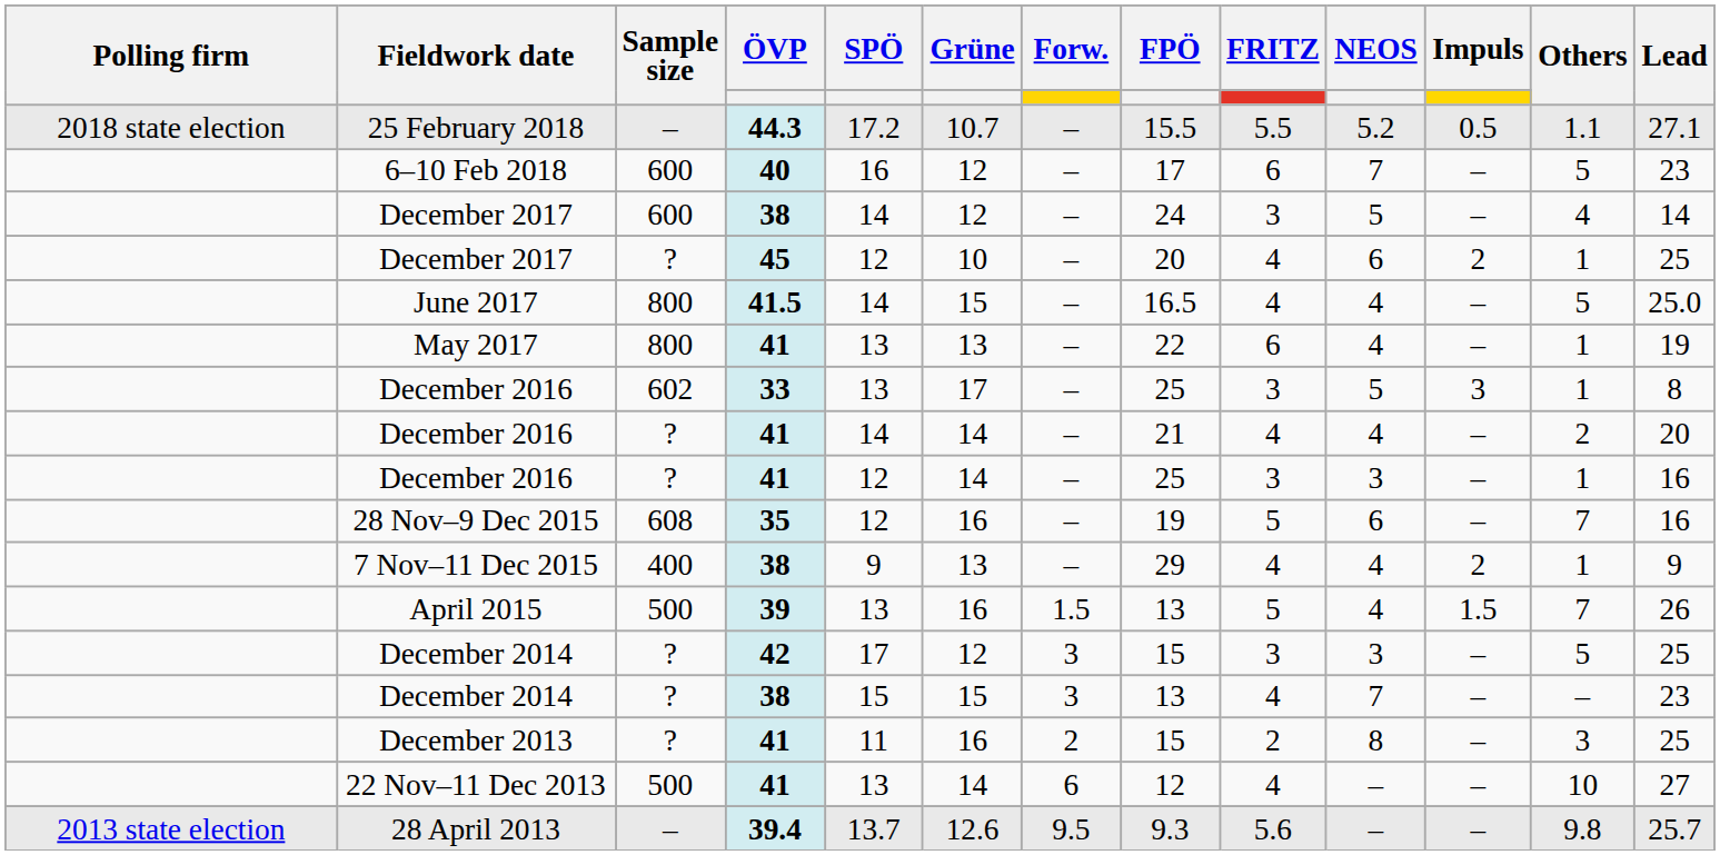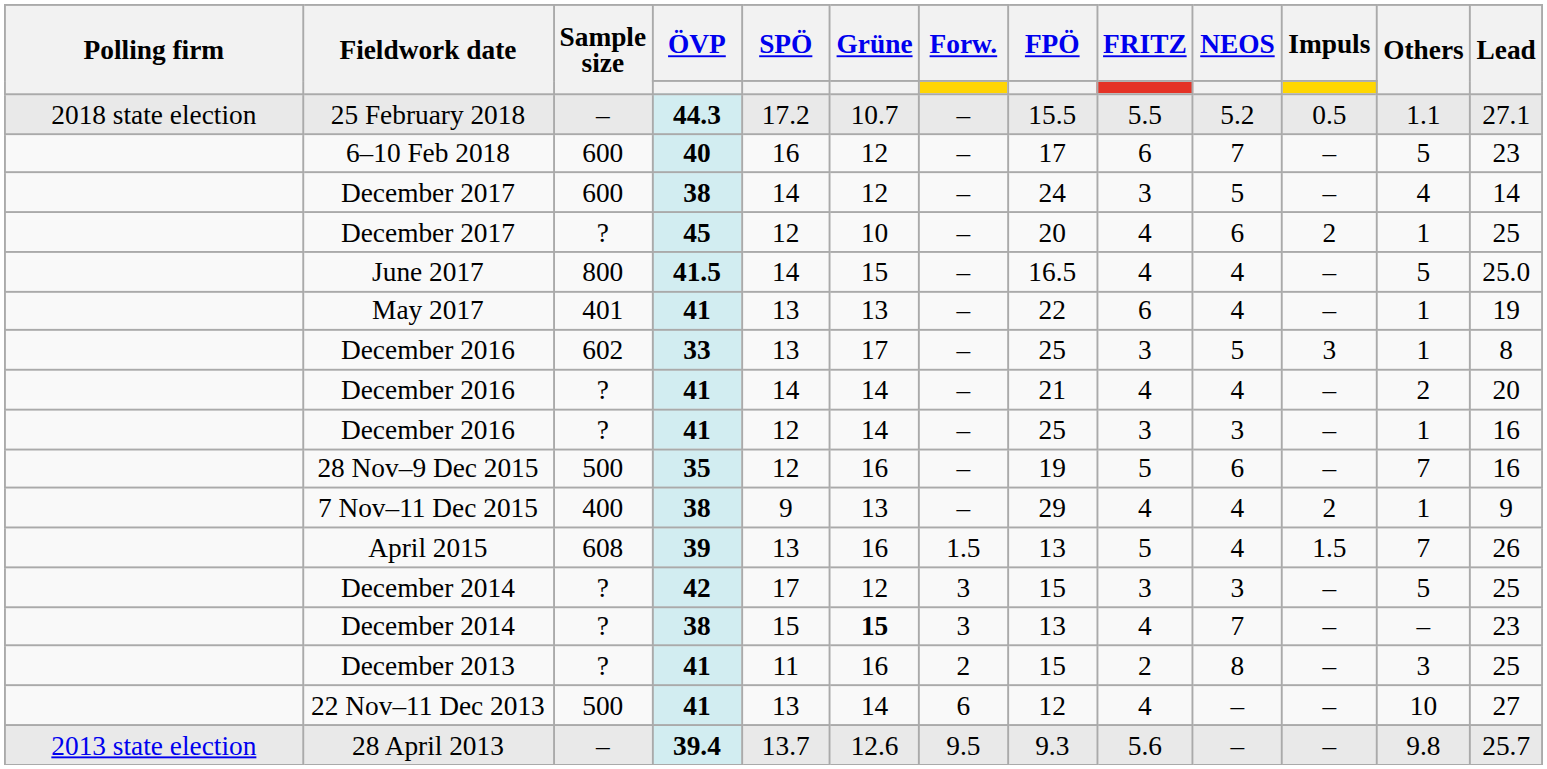 <table class="wikitable sortable" style="text-align:center;font-size:90%;line-height:14px;">
 <tr style="height:40px;">
 <th style="width:150px;" rowspan="2">Polling firm</th>
 <th style="width:125px;" rowspan="2">Fieldwork date</th>
 <th style="width:35px;" rowspan="2">Sample<br>size</th>
 <th class="unsortable" style="width:40px;"><a href='#'>ÖVP</a></th>
 <th class="unsortable" style="width:40px;"><a href='#'>SPÖ</a></th>
 <th class="unsortable" style="width:40px;"><a href='#'>Grüne</a></th>
 <th class="unsortable" style="width:40px;"><a href='#'>Forw.</a></th>
 <th class="unsortable" style="width:40px;"><a href='#'>FPÖ</a></th>
 <th class="unsortable" style="width:40px;"><a href='#'>FRITZ</a></th>
 <th class="unsortable" style="width:40px;"><a href='#'>NEOS</a></th>
 <th class="unsortable" style="width:40px;">Impuls</th>
 <th class="unsortable" style="width:40px;" rowspan="2">Others</th>
 <th style="width:30px;" rowspan="2">Lead</th>
 </tr>
 <tr>
 <th style="background:"></th>
 <th style="background:"></th>
 <th style="background:"></th>
 <th style="background:#FFD504;"></th>
 <th style="background:"></th>
 <th style="background:#E43226;"></th>
 <th style="background:"></th>
 <th style="background:gold;"></th>
 </tr>
 <tr style="background:#E9E9E9;">
 <td>2018 state election</td>
 <td data-sort-value="2018-02-25">25 February 2018</td>
 <td>–</td>
 <td style="background:#D2EDF1;"><strong>44.3</strong></td>
 <td>17.2</td>
 <td>10.7</td>
 <td>–</td>
 <td>15.5</td>
 <td>5.5</td>
 <td>5.2</td>
 <td>0.5</td>
 <td>1.1</td>
 <td style="background:">27.1</td>
 </tr>
 <tr>
 <td></td>
 <td data-sort-value="2018-02-18">6–10 Feb 2018</td>
 <td>600</td>
 <td style="background:#D2EDF1;"><strong>40</strong></td>
 <td>16</td>
 <td>12</td>
 <td>–</td>
 <td>17</td>
 <td>6</td>
 <td>7</td>
 <td>–</td>
 <td>5</td>
 <td style="background:">23</td>
 </tr>
 <tr>
 <td></td>
 <td data-sort-value="2017-12-28">December 2017</td>
 <td>600</td>
 <td style="background:#D2EDF1;"><strong>38</strong></td>
 <td>14</td>
 <td>12</td>
 <td>–</td>
 <td>24</td>
 <td>3</td>
 <td>5</td>
 <td>–</td>
 <td>4</td>
 <td style="background:">14</td>
 </tr>
 <tr>
 <td></td>
 <td data-sort-value="2017-12-16">December 2017</td>
 <td>?</td>
 <td style="background:#D2EDF1;"><strong>45</strong></td>
 <td>12</td>
 <td>10</td>
 <td>–</td>
 <td>20</td>
 <td>4</td>
 <td>6</td>
 <td>2</td>
 <td>1</td>
 <td style="background:">25</td>
 </tr>
 <tr>
 <td></td>
 <td data-sort-value="2017-07-31">June 2017</td>
 <td>800</td>
 <td style="background:#D2EDF1;"><strong>41.5</strong></td>
 <td>14</td>
 <td>15</td>
 <td>–</td>
 <td>16.5</td>
 <td>4</td>
 <td>4</td>
 <td>–</td>
 <td>5</td>
 <td style="background:">25.0</td>
 </tr>
 <tr>
 <td></td>
 <td data-sort-value="2017-05-16">May 2017</td>
-<td>800</td>
+<td>401</td>
 <td style="background:#D2EDF1;"><strong>41</strong></td>
 <td>13</td>
 <td>13</td>
 <td>–</td>
 <td>22</td>
 <td>6</td>
 <td>4</td>
 <td>–</td>
 <td>1</td>
 <td style="background:">19</td>
 </tr>
 <tr>
 <td></td>
 <td data-sort-value="2016-12-28">December 2016</td>
 <td>602</td>
 <td style="background:#D2EDF1;"><strong>33</strong></td>
 <td>13</td>
 <td>17</td>
 <td>–</td>
 <td>25</td>
 <td>3</td>
 <td>5</td>
 <td>3</td>
 <td>1</td>
 <td style="background:">8</td>
 </tr>
 <tr>
 <td></td>
 <td data-sort-value="2016-12-21">December 2016</td>
 <td>?</td>
 <td style="background:#D2EDF1;"><strong>41</strong></td>
 <td>14</td>
 <td>14</td>
 <td>–</td>
 <td>21</td>
 <td>4</td>
 <td>4</td>
 <td>–</td>
 <td>2</td>
 <td style="background:">20</td>
 </tr>
 <tr>
 <td></td>
 <td data-sort-value="2016-12-06">December 2016</td>
 <td>?</td>
 <td style="background:#D2EDF1;"><strong>41</strong></td>
 <td>12</td>
 <td>14</td>
 <td>–</td>
 <td>25</td>
 <td>3</td>
 <td>3</td>
 <td>–</td>
 <td>1</td>
 <td style="background:">16</td>
 </tr>
 <tr>
 <td></td>
 <td data-sort-value="2015-12-28">28 Nov–9 Dec 2015</td>
-<td>608</td>
+<td>500</td>
 <td style="background:#D2EDF1;"><strong>35</strong></td>
 <td>12</td>
 <td>16</td>
 <td>–</td>
 <td>19</td>
 <td>5</td>
 <td>6</td>
 <td>–</td>
 <td>7</td>
 <td style="background:">16</td>
 </tr>
 <tr>
 <td></td>
 <td data-sort-value="2015-12-28">7 Nov–11 Dec 2015</td>
 <td>400</td>
 <td style="background:#D2EDF1;"><strong>38</strong></td>
 <td>9</td>
 <td>13</td>
 <td>–</td>
 <td>29</td>
 <td>4</td>
 <td>4</td>
 <td>2</td>
 <td>1</td>
 <td style="background:">9</td>
 </tr>
 <tr>
 <td></td>
 <td data-sort-value="2015-04-19">April 2015</td>
-<td>500</td>
+<td>608</td>
 <td style="background:#D2EDF1;"><strong>39</strong></td>
 <td>13</td>
 <td>16</td>
 <td>1.5</td>
 <td>13</td>
 <td>5</td>
 <td>4</td>
 <td>1.5</td>
 <td>7</td>
 <td style="background:">26</td>
 </tr>
 <tr>
 <td></td>
 <td data-sort-value="2014-12-29">December 2014</td>
 <td>?</td>
 <td style="background:#D2EDF1;"><strong>42</strong></td>
 <td>17</td>
 <td>12</td>
 <td>3</td>
 <td>15</td>
 <td>3</td>
 <td>3</td>
 <td>–</td>
 <td>5</td>
 <td style="background:">25</td>
 </tr>
 <tr>
 <td></td>
 <td data-sort-value="2014-12-27">December 2014</td>
 <td>?</td>
 <td style="background:#D2EDF1;"><strong>38</strong></td>
 <td>15</td>
-<td>15</td>
+<td><strong>15</strong></td>
 <td>3</td>
 <td>13</td>
 <td>4</td>
 <td>7</td>
 <td>–</td>
 <td>–</td>
 <td style="background:">23</td>
 </tr>
 <tr>
 <td></td>
 <td data-sort-value="2013-12-31">December 2013</td>
 <td>?</td>
 <td style="background:#D2EDF1;"><strong>41</strong></td>
 <td>11</td>
 <td>16</td>
 <td>2</td>
 <td>15</td>
 <td>2</td>
 <td>8</td>
 <td>–</td>
 <td>3</td>
 <td style="background:">25</td>
 </tr>
 <tr>
 <td></td>
 <td data-sort-value="2013-12-22">22 Nov–11 Dec 2013</td>
 <td>500</td>
 <td style="background:#D2EDF1;"><strong>41</strong></td>
 <td>13</td>
 <td>14</td>
 <td>6</td>
 <td>12</td>
 <td>4</td>
 <td>–</td>
 <td>–</td>
 <td>10</td>
 <td style="background:">27</td>
 </tr>
 <tr style="background:#E9E9E9;">
 <td><a href='#'>2013 state election</a></td>
 <td data-sort-value="2013-04-28">28 April 2013</td>
 <td>–</td>
 <td style="background:#D2EDF1;"><strong>39.4</strong></td>
 <td>13.7</td>
 <td>12.6</td>
 <td>9.5</td>
 <td>9.3</td>
 <td>5.6</td>
 <td>–</td>
 <td>–</td>
 <td>9.8</td>
 <td style="background:">25.7</td>
 </tr>
 </table>
